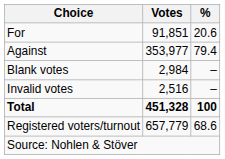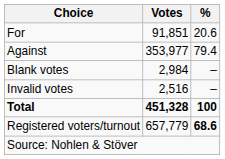 <table class=wikitable style=text-align:right>
 <tr>
 <th>Choice</th>
 <th>Votes</th>
 <th>%</th>
 </tr>
 <tr>
 <td align=left>For</td>
 <td>91,851</td>
 <td>20.6</td>
 </tr>
 <tr>
 <td align=left>Against</td>
 <td>353,977</td>
 <td>79.4</td>
 </tr>
 <tr>
 <td align=left>Blank votes</td>
 <td>2,984</td>
 <td>–</td>
 </tr>
 <tr>
 <td align=left>Invalid votes</td>
 <td>2,516</td>
 <td>–</td>
 </tr>
 <tr>
 <td align=left><strong>Total</strong></td>
 <td><strong>451,328</strong></td>
 <td><strong>100</strong></td>
 </tr>
 <tr>
 <td align=left>Registered voters/turnout</td>
 <td>657,779</td>
-<td>68.6</td>
+<td><strong>68.6</strong></td>
 </tr>
 <tr>
 <td align=left colspan=3>Source: Nohlen & Stöver</td>
 </tr>
 </table>
